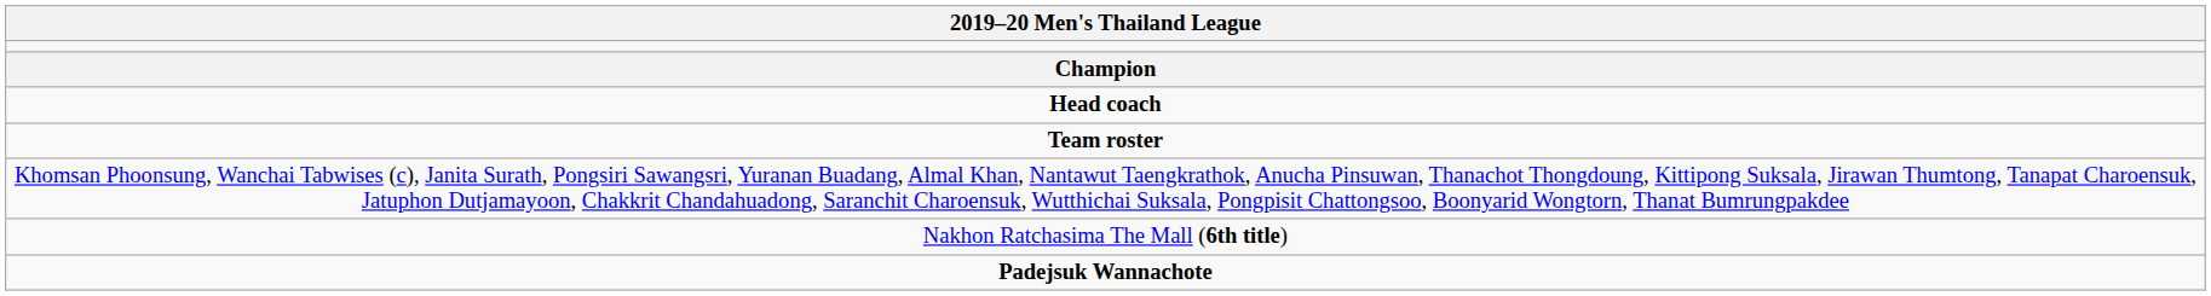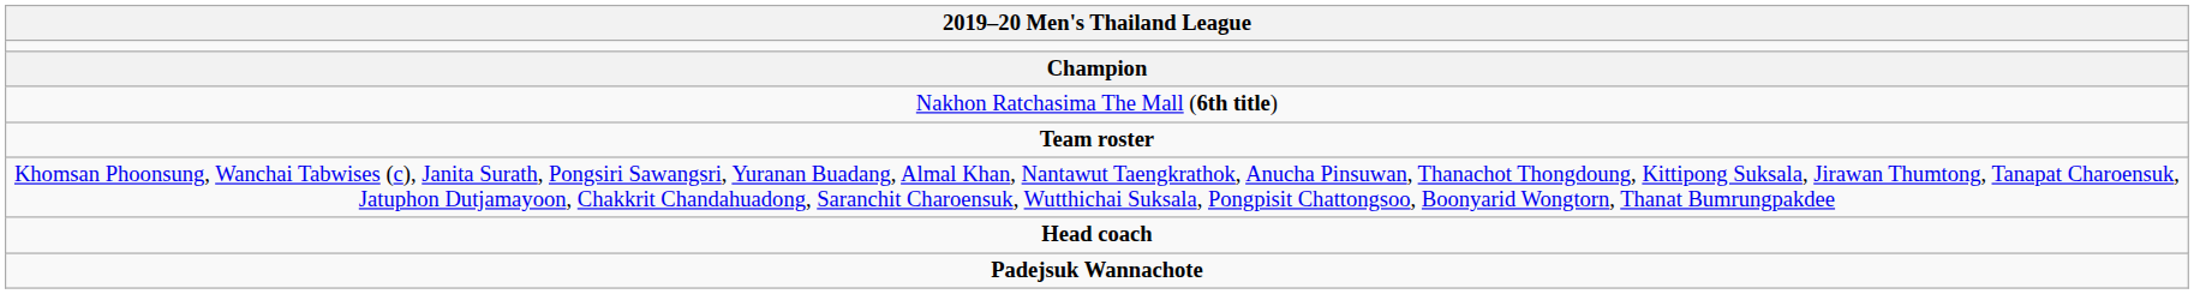 <table class="wikitable" style="text-align: center;">
 <tr>
 <th>2019–20 Men's Thailand League</th>
 </tr>
 <tr>
 <td></td>
 </tr>
 <tr>
 <th>Champion</th>
 </tr>
 <tr>
-<td><strong>Head coach</strong></td>
+<td><a href='#'>Nakhon Ratchasima The Mall</a> (<strong>6th title</strong>)</td>
 </tr>
 <tr>
 <td><strong>Team roster</strong></td>
 </tr>
 <tr>
 <td><a href='#'>Khomsan Phoonsung</a>, <a href='#'>Wanchai Tabwises</a> (<a href='#'>c</a>), <a href='#'>Janita Surath</a>, <a href='#'>Pongsiri Sawangsri</a>, <a href='#'>Yuranan Buadang</a>, <a href='#'>Almal Khan</a>, <a href='#'>Nantawut Taengkrathok</a>, <a href='#'>Anucha Pinsuwan</a>, <a href='#'>Thanachot Thongdoung</a>, <a href='#'>Kittipong Suksala</a>, <a href='#'>Jirawan Thumtong</a>, <a href='#'>Tanapat Charoensuk</a>, <a href='#'>Jatuphon Dutjamayoon</a>, <a href='#'>Chakkrit Chandahuadong</a>, <a href='#'>Saranchit Charoensuk</a>, <a href='#'>Wutthichai Suksala</a>, <a href='#'>Pongpisit Chattongsoo</a>, <a href='#'>Boonyarid Wongtorn</a>, <a href='#'>Thanat Bumrungpakdee</a></td>
 </tr>
 <tr>
-<td><a href='#'>Nakhon Ratchasima The Mall</a> (<strong>6th title</strong>)</td>
+<td><strong>Head coach</strong></td>
 </tr>
 <tr>
 <td><strong>Padejsuk Wannachote</strong></td>
 </tr>
 </table>
